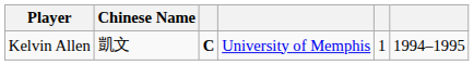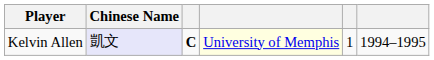 <table class="wikitable sortable" style="font-size:95%; text-align:right;">
 <tr>
 <th>Player</th>
 <th>Chinese Name</th>
 <th></th>
 <th></th>
 <th></th>
 <th></th>
 </tr>
 <tr>
 <td align="left">Kelvin Allen</td>
-<td align="left">凱文</td>
+<td align="left" style="background: lavender;">凱文</td>
 <td align="center"><strong>C</strong></td>
-<td align="left"><a href='#'>University of Memphis</a></td>
+<td align="left" style="background: lightyellow;"><a href='#'>University of Memphis</a></td>
 <td align="center">1</td>
 <td align="center">1994–1995</td>
 </tr>
 </table>
